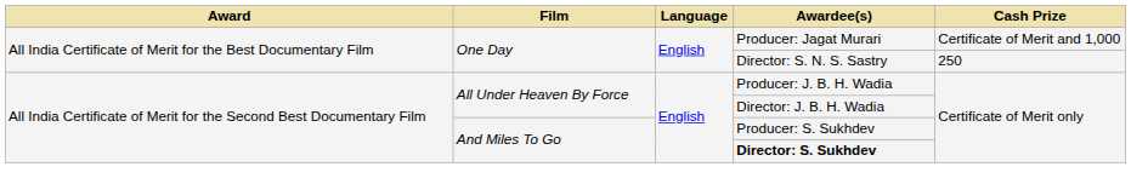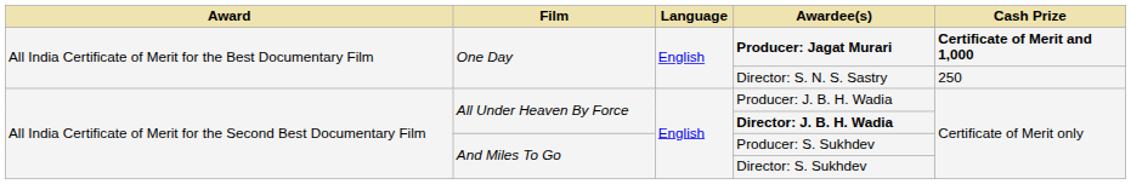 <table class="wikitable sortable" style="width:100%">
 <tr>
 <th style="background-color:#EFE4B0;width:40%;">Award</th>
 <th style="background-color:#EFE4B0;width:18%;">Film</th>
 <th style="background-color:#EFE4B0;width:7%;">Language</th>
 <th style="background-color:#EFE4B0;width:18%;">Awardee(s)</th>
 <th style="background-color:#EFE4B0;width:17%;">Cash Prize</th>
 </tr>
 <tr style="background-color:#F4F4F4">
 <td rowspan="2">All India Certificate of Merit for the Best Documentary Film</td>
 <td rowspan="2"><em>One Day</em></td>
 <td rowspan="2"><a href='#'>English</a></td>
-<td>Producer: Jagat Murari</td>
-<td>Certificate of Merit and  1,000</td>
+<td><strong>Producer: Jagat Murari</strong></td>
+<td><strong>Certificate of Merit and  1,000</strong></td>
 </tr>
 <tr style="background-color:#F4F4F4">
 <td>Director: S. N. S. Sastry</td>
 <td> 250</td>
 </tr>
 <tr style="background-color:#F4F4F4">
 <td rowspan="4">All India Certificate of Merit for the Second Best Documentary Film</td>
 <td rowspan="2"><em>All Under Heaven By Force</em></td>
 <td rowspan="4"><a href='#'>English</a></td>
 <td>Producer: J. B. H. Wadia</td>
 <td rowspan="4">Certificate of Merit only</td>
 </tr>
 <tr style="background-color:#F4F4F4">
-<td>Director: J. B. H. Wadia</td>
+<td><strong>Director: J. B. H. Wadia</strong></td>
 </tr>
 <tr style="background-color:#F4F4F4">
 <td rowspan="2"><em>And Miles To Go</em></td>
 <td>Producer: S. Sukhdev</td>
 </tr>
 <tr style="background-color:#F4F4F4">
-<td><strong>Director: S. Sukhdev</strong></td>
+<td>Director: S. Sukhdev</td>
 </tr>
 </table>
